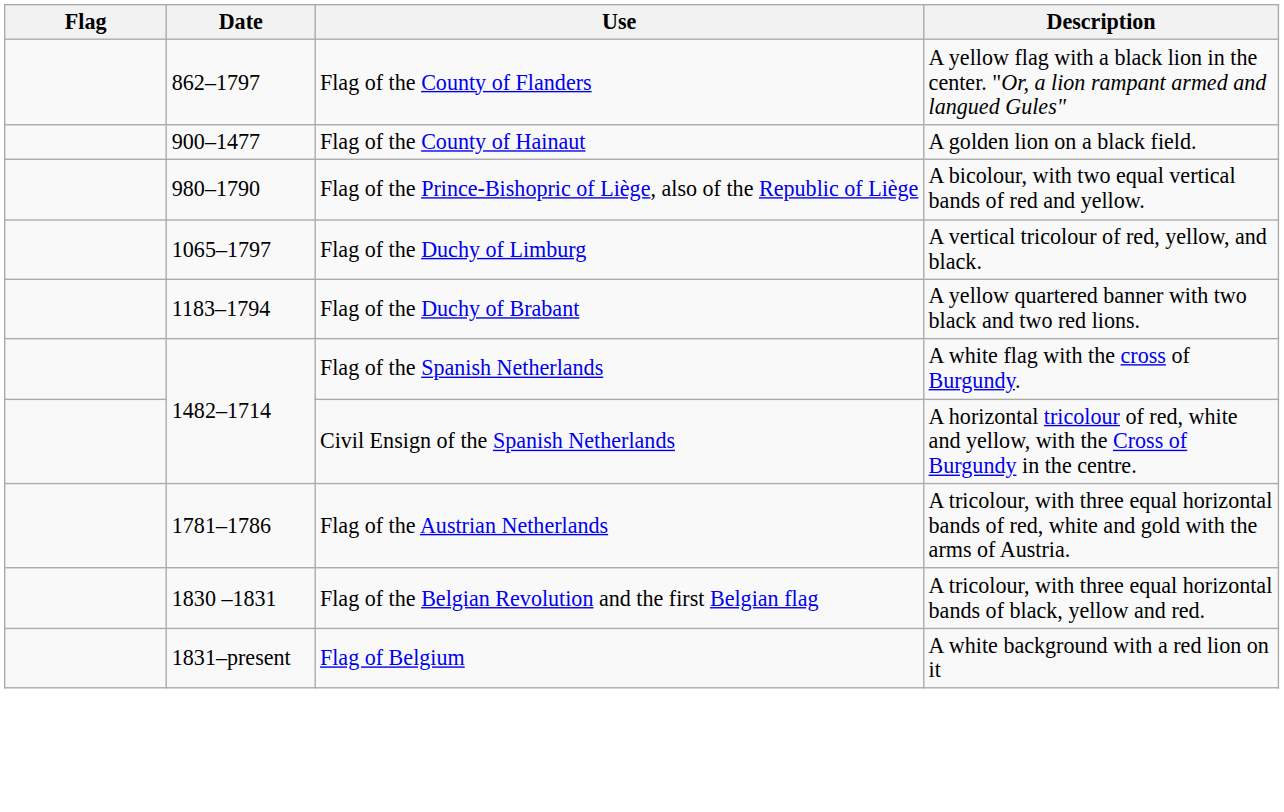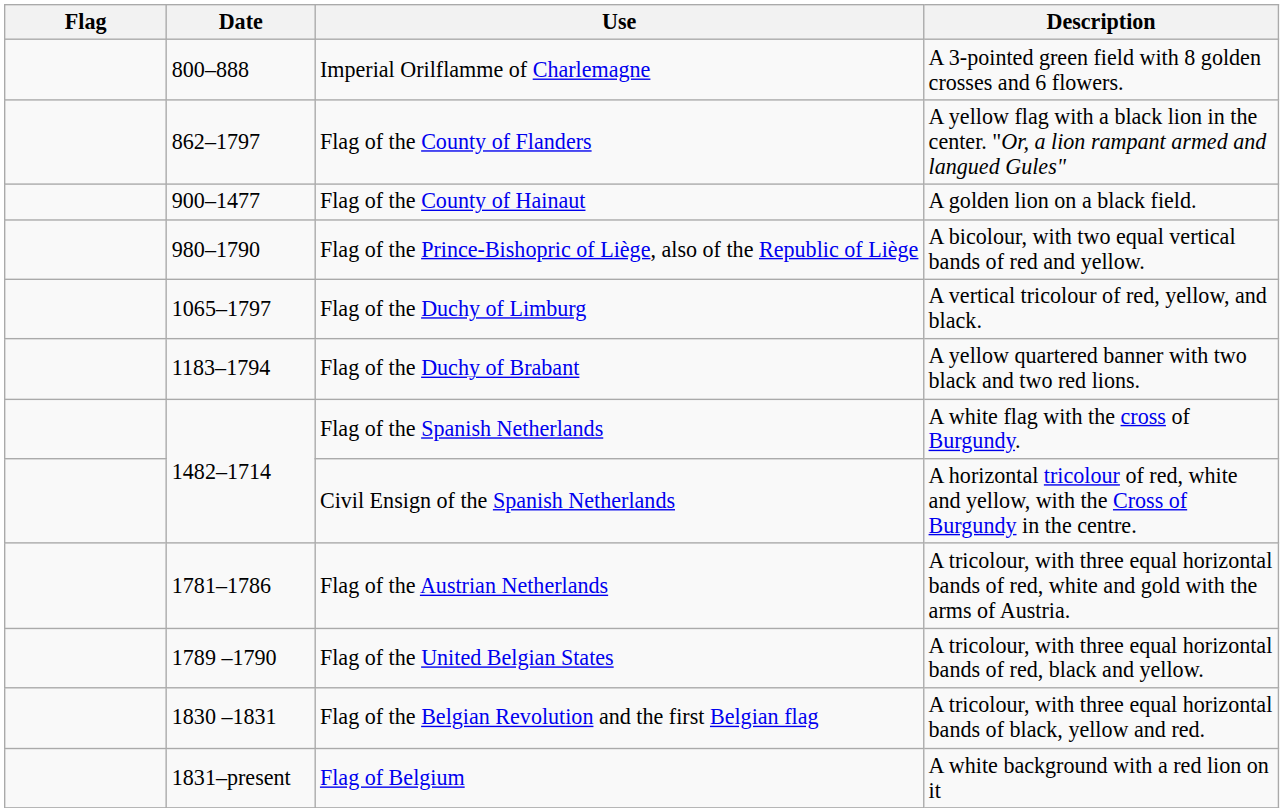 <table class="wikitable">
 <tr>
 <th style="width:110px;">Flag</th>
 <th style="width:100px;">Date</th>
 <th style="widths:250px;">Use</th>
 <th style="width:250px;">Description</th>
+</tr>
+<tr>
+<td></td>
+<td>800–888</td>
+<td>Imperial Orilflamme of <a href='#'>Charlemagne</a></td>
+<td>A 3-pointed green field with 8 golden crosses and 6 flowers.</td>
 </tr>
 <tr>
 <td></td>
 <td>862–1797</td>
 <td>Flag of the <a href='#'>County of Flanders</a></td>
 <td>A yellow flag with a black lion in the center. "<em>Or, a lion rampant armed and langued Gules"</em></td>
 </tr>
 <tr>
 <td></td>
 <td>900–1477</td>
 <td>Flag of the <a href='#'>County of Hainaut</a></td>
 <td>A golden lion on a black field.</td>
 </tr>
 <tr>
 <td></td>
 <td>980–1790</td>
 <td>Flag of the <a href='#'>Prince-Bishopric of Liège</a>, also of the <a href='#'>Republic of Liège</a></td>
 <td>A bicolour, with two equal vertical bands of red and yellow.</td>
 </tr>
 <tr>
 <td></td>
 <td>1065–1797</td>
 <td>Flag of the <a href='#'>Duchy of Limburg</a></td>
 <td>A vertical tricolour of red, yellow, and black.</td>
 </tr>
 <tr>
 <td></td>
 <td>1183–1794</td>
 <td>Flag of the <a href='#'>Duchy of Brabant</a></td>
 <td>A yellow quartered banner with two black and two red lions.</td>
 </tr>
 <tr>
 <td></td>
 <td rowspan="2">1482–1714</td>
 <td>Flag of the <a href='#'>Spanish Netherlands</a></td>
 <td>A white flag with the <a href='#'>cross</a> of <a href='#'>Burgundy</a>.</td>
 </tr>
 <tr>
 <td></td>
 <td>Civil Ensign of the <a href='#'>Spanish Netherlands</a></td>
 <td>A horizontal <a href='#'>tricolour</a> of red, white and yellow, with the <a href='#'>Cross of Burgundy</a> in the centre.</td>
 </tr>
 <tr>
 <td></td>
 <td>1781–1786</td>
 <td>Flag of the <a href='#'>Austrian Netherlands</a></td>
 <td>A tricolour, with three equal horizontal bands of red, white and gold with the arms of Austria.</td>
 </tr>
 <tr>
 <td></td>
+<td>1789 –1790</td>
+<td>Flag of the <a href='#'>United Belgian States</a></td>
+<td>A tricolour, with three equal horizontal bands of red, black and yellow.</td>
+</tr>
+<tr>
+<td></td>
 <td>1830 –1831</td>
 <td>Flag of the <a href='#'>Belgian Revolution</a> and the first <a href='#'>Belgian flag</a></td>
 <td>A tricolour, with three equal horizontal bands of black, yellow and red.</td>
 </tr>
 <tr>
 <td></td>
 <td>1831–present</td>
 <td><a href='#'>Flag of Belgium</a></td>
 <td>A white background with a red lion on it</td>
 </tr>
 </table>
